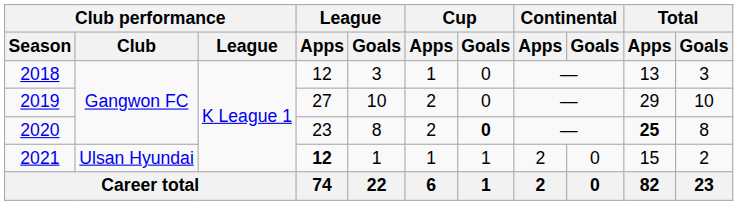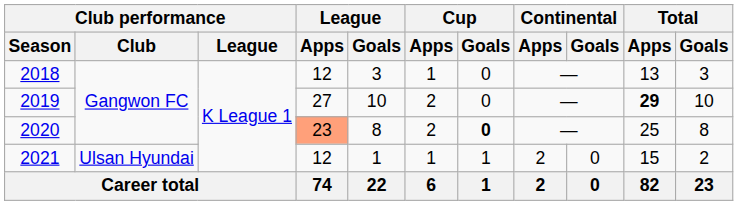 <table class="wikitable" style="text-align:center">
 <tr>
 <th colspan=3>Club performance</th>
 <th colspan=2>League</th>
 <th colspan=2>Cup</th>
 <th colspan=2>Continental</th>
 <th colspan=2>Total</th>
 </tr>
 <tr>
 <th>Season</th>
 <th>Club</th>
 <th>League</th>
 <th>Apps</th>
 <th>Goals</th>
 <th>Apps</th>
 <th>Goals</th>
 <th>Apps</th>
 <th>Goals</th>
 <th>Apps</th>
 <th>Goals</th>
 </tr>
 <tr>
 <td><a href='#'>2018</a></td>
 <td rowspan="3"><a href='#'>Gangwon FC</a></td>
 <td rowspan="4"><a href='#'>K League 1</a></td>
 <td>12</td>
 <td>3</td>
 <td>1</td>
 <td>0</td>
 <td colspan=2>—</td>
 <td>13</td>
 <td>3</td>
 </tr>
 <tr>
 <td><a href='#'>2019</a></td>
 <td>27</td>
 <td>10</td>
 <td>2</td>
 <td>0</td>
 <td colspan=2>—</td>
-<td>29</td>
+<td><strong>29</strong></td>
 <td>10</td>
 </tr>
 <tr>
 <td><a href='#'>2020</a></td>
-<td>23</td>
+<td style="background: lightsalmon;">23</td>
 <td>8</td>
 <td>2</td>
 <td><strong>0</strong></td>
 <td colspan=2>—</td>
-<td><strong>25</strong></td>
+<td>25</td>
 <td>8</td>
 </tr>
 <tr>
 <td><a href='#'>2021</a></td>
 <td rowspan="1"><a href='#'>Ulsan Hyundai</a></td>
-<td><strong>12</strong></td>
+<td>12</td>
 <td>1</td>
 <td>1</td>
 <td>1</td>
 <td>2</td>
 <td>0</td>
 <td>15</td>
 <td>2</td>
 </tr>
 <tr>
 <th colspan=3>Career total</th>
 <th>74</th>
 <th>22</th>
 <th>6</th>
 <th>1</th>
 <th>2</th>
 <th>0</th>
 <th>82</th>
 <th>23</th>
 </tr>
 </table>
